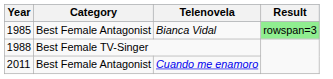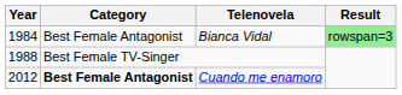 <table class="wikitable">
 <tr style="background:#b0c4de;">
 <th>Year</th>
 <th>Category</th>
 <th>Telenovela</th>
 <th>Result</th>
 </tr>
 <tr>
-<td>1985</td>
+<td>1984</td>
 <td>Best Female Antagonist</td>
 <td><em>Bianca Vidal</em></td>
 <td style="background: lightgreen;">rowspan=3 </td>
 </tr>
 <tr>
 <td>1988</td>
 <td colspan="2">Best Female TV-Singer</td>
 </tr>
 <tr>
-<td>2011</td>
-<td>Best Female Antagonist</td>
+<td>2012</td>
+<td><strong>Best Female Antagonist</strong></td>
 <td><em><a href='#'>Cuando me enamoro</a></em></td>
 </tr>
 </table>
